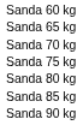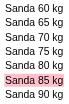 <table>
 <tr>
 <td rowspan=2>Sanda 60 kg</td>
 <td rowspan=2></td>
 <td rowspan=2></td>
 <td></td>
 </tr>
 <tr>
 <td></td>
 </tr>
 <tr>
 <td rowspan=2>Sanda 65 kg</td>
 <td rowspan=2></td>
 <td rowspan=2></td>
 <td></td>
 </tr>
 <tr>
 <td></td>
 </tr>
 <tr>
 <td rowspan=2>Sanda 70 kg</td>
 <td rowspan=2></td>
 <td rowspan=2></td>
 <td></td>
 </tr>
 <tr>
 <td></td>
 </tr>
 <tr>
 <td>Sanda 75 kg</td>
 <td></td>
 <td></td>
 <td></td>
 </tr>
 <tr>
 <td rowspan=2>Sanda 80 kg</td>
 <td rowspan=2></td>
 <td rowspan=2></td>
 <td></td>
 </tr>
 <tr>
 <td></td>
 </tr>
 <tr>
-<td>Sanda 85 kg</td>
+<td style="background: pink;">Sanda 85 kg</td>
 <td></td>
 <td></td>
 <td></td>
 </tr>
 <tr>
 <td rowspan=2>Sanda 90 kg</td>
 <td rowspan=2></td>
 <td rowspan=2></td>
 <td></td>
 </tr>
 <tr>
 <td></td>
 </tr>
 </table>
